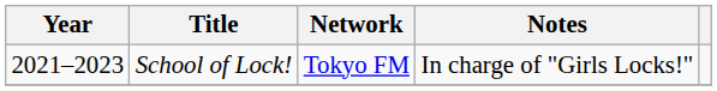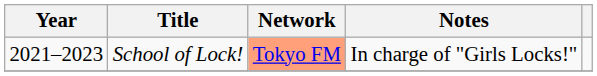 <table class="wikitable">
 <tr>
 <th>Year</th>
 <th>Title</th>
 <th>Network</th>
 <th>Notes</th>
 <th class="unsortable"></th>
 </tr>
 <tr>
 <td>2021–2023</td>
 <td><em>School of Lock!</em></td>
-<td><a href='#'>Tokyo FM</a></td>
+<td style="background: lightsalmon;"><a href='#'>Tokyo FM</a></td>
 <td>In charge of "Girls Locks!"</td>
 <td></td>
 </tr>
 <tr>
 </tr>
 </table>
